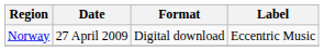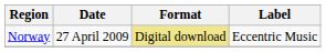 <table class=wikitable>
 <tr>
 <th>Region</th>
 <th>Date</th>
 <th>Format</th>
 <th>Label</th>
 </tr>
 <tr>
 <td><a href='#'>Norway</a></td>
 <td>27 April 2009</td>
-<td>Digital download</td>
+<td style="background: khaki;">Digital download</td>
 <td>Eccentric Music</td>
 </tr>
 <tr>
 </tr>
 </table>
